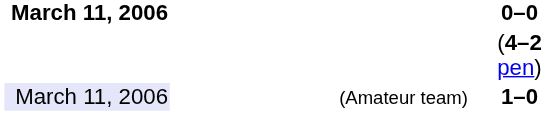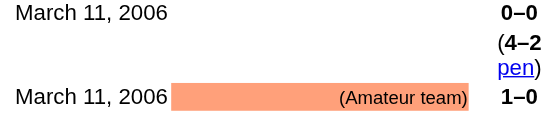 <table width=100% cellspacing=1>
 <tr>
 <th width=120></th>
 <th width=220></th>
 <th width=70></th>
 <th width=220></th>
 <th></th>
 </tr>
 <tr>
-<td align=right><strong>March 11, 2006</strong></td>
+<td align=right>March 11, 2006</td>
 <td align=right><strong></strong></td>
 <td align=center><strong>0–0</strong></td>
 <td><strong></strong></td>
 </tr>
 <tr>
 <td></td>
 <td></td>
 <td align=center>(<strong>4–2</strong> <a href='#'>pen</a>)</td>
 <td></td>
 </tr>
 <tr>
-<td align=right style="background: lavender;">March 11, 2006</td>
-<td align=right><small>(Amateur team)</small> <strong></strong></td>
+<td align=right>March 11, 2006</td>
+<td align=right style="background: lightsalmon;"><small>(Amateur team)</small> <strong></strong></td>
 <td align=center><strong>1–0</strong></td>
 <td><strong></strong></td>
 </tr>
 </table>
